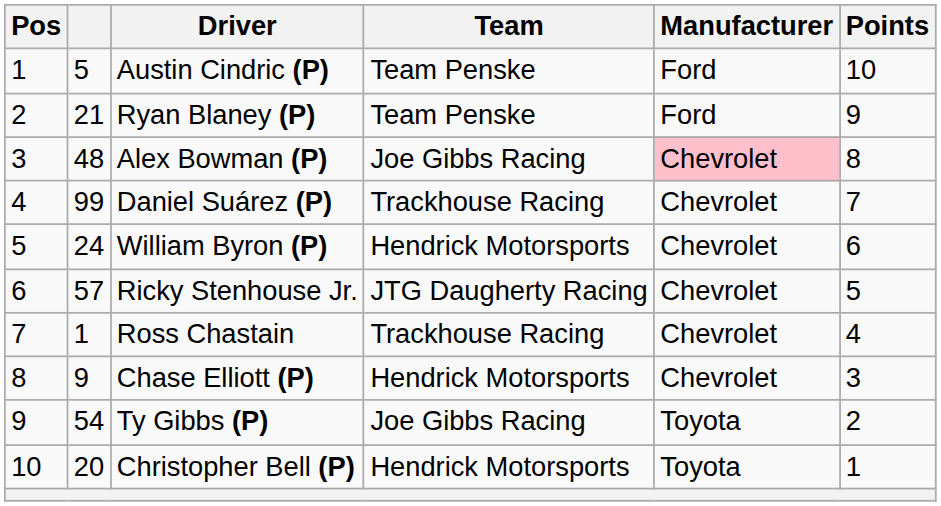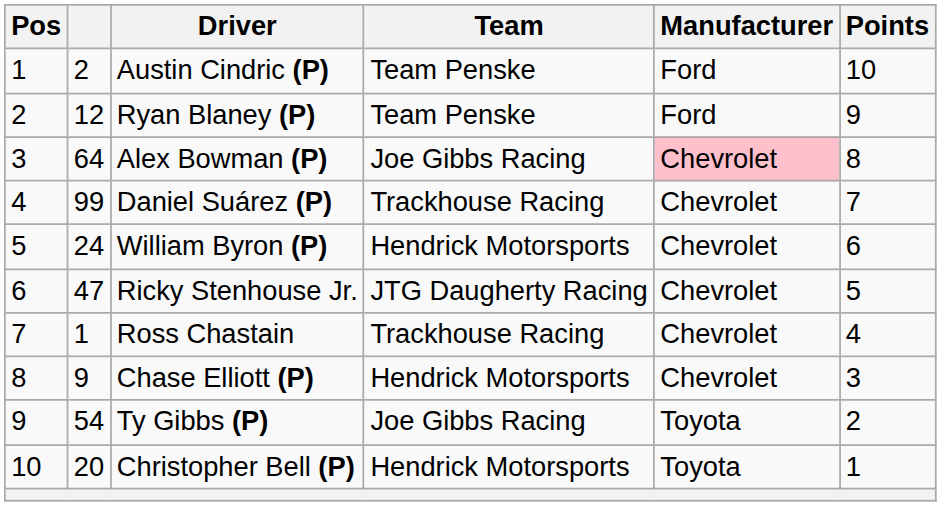 <table class="wikitable" style="font-size:98%">
 <tr>
 <th>Pos</th>
 <th></th>
 <th>Driver</th>
 <th>Team</th>
 <th>Manufacturer</th>
 <th>Points</th>
 </tr>
 <tr>
 <td>1</td>
-<td>5</td>
+<td>2</td>
 <td>Austin Cindric <strong>(P)</strong></td>
 <td>Team Penske</td>
 <td>Ford</td>
 <td>10</td>
 </tr>
 <tr>
 <td>2</td>
-<td>21</td>
+<td>12</td>
 <td>Ryan Blaney <strong>(P)</strong></td>
 <td>Team Penske</td>
 <td>Ford</td>
 <td>9</td>
 </tr>
 <tr>
 <td>3</td>
-<td>48</td>
+<td>64</td>
 <td>Alex Bowman <strong>(P)</strong></td>
 <td>Joe Gibbs Racing</td>
 <td style="background: pink;">Chevrolet</td>
 <td>8</td>
 </tr>
 <tr>
 <td>4</td>
 <td>99</td>
 <td>Daniel Suárez <strong>(P)</strong></td>
 <td>Trackhouse Racing</td>
 <td>Chevrolet</td>
 <td>7</td>
 </tr>
 <tr>
 <td>5</td>
 <td>24</td>
 <td>William Byron <strong>(P)</strong></td>
 <td>Hendrick Motorsports</td>
 <td>Chevrolet</td>
 <td>6</td>
 </tr>
 <tr>
 <td>6</td>
-<td>57</td>
+<td>47</td>
 <td>Ricky Stenhouse Jr.</td>
 <td>JTG Daugherty Racing</td>
 <td>Chevrolet</td>
 <td>5</td>
 </tr>
 <tr>
 <td>7</td>
 <td>1</td>
 <td>Ross Chastain</td>
 <td>Trackhouse Racing</td>
 <td>Chevrolet</td>
 <td>4</td>
 </tr>
 <tr>
 <td>8</td>
 <td>9</td>
 <td>Chase Elliott <strong>(P)</strong></td>
 <td>Hendrick Motorsports</td>
 <td>Chevrolet</td>
 <td>3</td>
 </tr>
 <tr>
 <td>9</td>
 <td>54</td>
 <td>Ty Gibbs <strong>(P)</strong></td>
 <td>Joe Gibbs Racing</td>
 <td>Toyota</td>
 <td>2</td>
 </tr>
 <tr>
 <td>10</td>
 <td>20</td>
 <td>Christopher Bell <strong>(P)</strong></td>
 <td>Hendrick Motorsports</td>
 <td>Toyota</td>
 <td>1</td>
 </tr>
 <tr>
 <th colspan="6"></th>
 </tr>
 </table>
